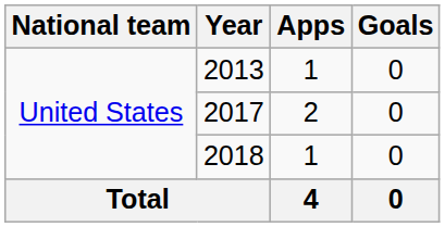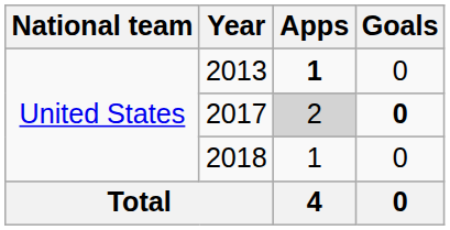 <table class="wikitable" style="text-align:center">
 <tr>
 <th>National team</th>
 <th>Year</th>
 <th>Apps</th>
 <th>Goals</th>
 </tr>
 <tr>
 <td rowspan="3"><a href='#'>United States</a></td>
 <td>2013</td>
-<td>1</td>
+<td><strong>1</strong></td>
 <td>0</td>
 </tr>
 <tr>
 <td>2017</td>
-<td>2</td>
-<td>0</td>
+<td style="background: lightgrey;">2</td>
+<td><strong>0</strong></td>
 </tr>
 <tr>
 <td>2018</td>
 <td>1</td>
 <td>0</td>
 </tr>
 <tr>
 <th colspan="2">Total</th>
 <th>4</th>
 <th>0</th>
 </tr>
 </table>
